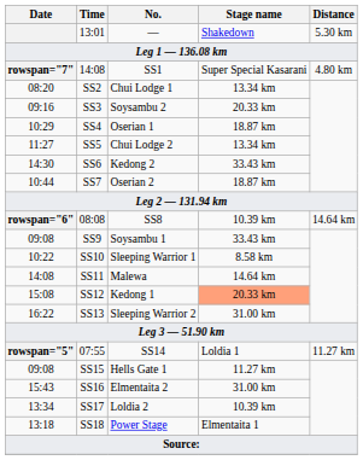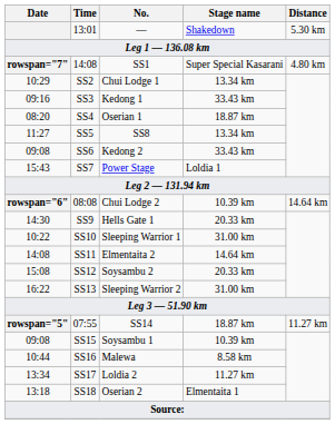 <table class="wikitable" style="font-size: 85%;">
 <tr>
 <th>Date</th>
 <th>Time</th>
 <th>No.</th>
 <th>Stage name</th>
 <th>Distance</th>
 </tr>
 <tr>
 <th></th>
 <td align="center">13:01</td>
 <td align="center">—</td>
 <td nowrap><a href='#'>Shakedown</a></td>
 <td align="center">5.30 km</td>
 </tr>
 <tr>
 <td style="background-color:#EAECF0; text-align:center" colspan="5"><strong><em>Leg 1 — 136.08 km</em></strong></td>
 </tr>
 <tr>
 <th>rowspan="7" </th>
 <td align="center">14:08</td>
 <td align="center">SS1</td>
 <td>Super Special Kasarani</td>
 <td align="center">4.80 km</td>
 </tr>
 <tr>
-<td align="center">08:20</td>
+<td align="center">10:29</td>
 <td align="center">SS2</td>
 <td>Chui Lodge 1</td>
 <td align="center">13.34 km</td>
 </tr>
 <tr>
 <td align="center">09:16</td>
 <td align="center">SS3</td>
-<td>Soysambu 2</td>
-<td align="center">20.33 km</td>
+<td>Kedong 1</td>
+<td align="center">33.43 km</td>
 </tr>
 <tr>
-<td align="center">10:29</td>
+<td align="center">08:20</td>
 <td align="center">SS4</td>
 <td>Oserian 1</td>
 <td align="center">18.87 km</td>
 </tr>
 <tr>
 <td align="center">11:27</td>
 <td align="center">SS5</td>
-<td>Chui Lodge 2</td>
+<td align="center">SS8</td>
 <td align="center">13.34 km</td>
 </tr>
 <tr>
-<td align="center">14:30</td>
+<td align="center">09:08</td>
 <td align="center">SS6</td>
 <td>Kedong 2</td>
 <td align="center">33.43 km</td>
 </tr>
 <tr>
-<td align="center">10:44</td>
+<td align="center">15:43</td>
 <td align="center">SS7</td>
-<td>Oserian 2</td>
-<td align="center">18.87 km</td>
+<td><a href='#'>Power Stage</a></td>
+<td>Loldia 1</td>
 </tr>
 <tr>
 <td style="background-color:#EAECF0; text-align:center" colspan="5"><strong><em>Leg 2 — 131.94 km</em></strong></td>
 </tr>
 <tr>
 <th>rowspan="6" </th>
 <td align="center">08:08</td>
-<td align="center">SS8</td>
+<td>Chui Lodge 2</td>
 <td align="center">10.39 km</td>
 <td align="center">14.64 km</td>
 </tr>
 <tr>
-<td align="center">09:08</td>
+<td align="center">14:30</td>
 <td align="center">SS9</td>
-<td>Soysambu 1</td>
-<td align="center">33.43 km</td>
+<td>Hells Gate 1</td>
+<td align="center">20.33 km</td>
 </tr>
 <tr>
 <td align="center">10:22</td>
 <td align="center">SS10</td>
 <td>Sleeping Warrior 1</td>
-<td align="center">8.58 km</td>
+<td align="center">31.00 km</td>
 </tr>
 <tr>
 <td align="center">14:08</td>
 <td align="center">SS11</td>
-<td>Malewa</td>
+<td>Elmentaita 2</td>
 <td align="center">14.64 km</td>
 </tr>
 <tr>
 <td align="center">15:08</td>
 <td align="center">SS12</td>
-<td>Kedong 1</td>
-<td align="center" style="background: lightsalmon;">20.33 km</td>
+<td>Soysambu 2</td>
+<td align="center">20.33 km</td>
 </tr>
 <tr>
 <td align="center">16:22</td>
 <td align="center">SS13</td>
 <td>Sleeping Warrior 2</td>
 <td align="center">31.00 km</td>
 </tr>
 <tr>
 <td style="background-color:#EAECF0; text-align:center" colspan="5"><strong><em>Leg 3 — 51.90 km</em></strong></td>
 </tr>
 <tr>
 <th>rowspan="5" </th>
 <td align="center">07:55</td>
 <td align="center">SS14</td>
-<td>Loldia 1</td>
+<td align="center">18.87 km</td>
 <td align="center">11.27 km</td>
 </tr>
 <tr>
 <td align="center">09:08</td>
 <td align="center">SS15</td>
-<td>Hells Gate 1</td>
-<td align="center">11.27 km</td>
+<td>Soysambu 1</td>
+<td align="center">10.39 km</td>
 </tr>
 <tr>
-<td align="center">15:43</td>
+<td align="center">10:44</td>
 <td align="center">SS16</td>
-<td>Elmentaita 2</td>
-<td align="center">31.00 km</td>
+<td>Malewa</td>
+<td align="center">8.58 km</td>
 </tr>
 <tr>
 <td align="center">13:34</td>
 <td align="center">SS17</td>
 <td>Loldia 2</td>
-<td align="center">10.39 km</td>
+<td align="center">11.27 km</td>
 </tr>
 <tr>
 <td align="center">13:18</td>
 <td align="center">SS18</td>
-<td><a href='#'>Power Stage</a></td>
+<td>Oserian 2</td>
 <td>Elmentaita 1</td>
 </tr>
 <tr>
 <td style="background-color:#EAECF0; text-align:center" colspan="5"><strong>Source:</strong></td>
 </tr>
 <tr>
 </tr>
 </table>
